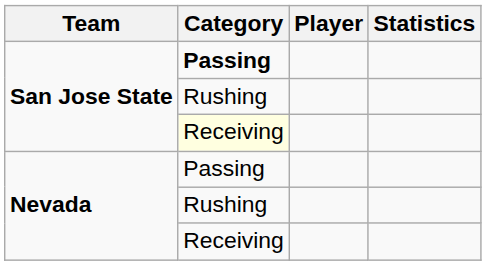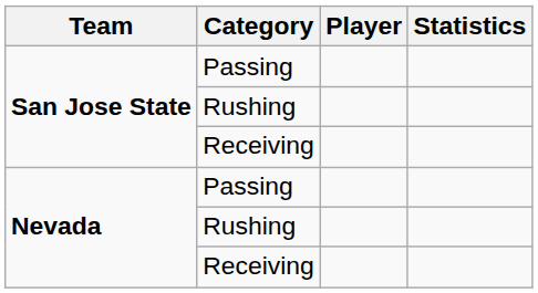 <table class="wikitable" style="float: left;">
 <tr>
 <th>Team</th>
 <th>Category</th>
 <th>Player</th>
 <th>Statistics</th>
 </tr>
 <tr>
 <td rowspan=3><strong>San Jose State</strong></td>
-<td><strong>Passing</strong></td>
+<td>Passing</td>
 <td></td>
 <td></td>
 </tr>
 <tr>
 <td>Rushing</td>
 <td></td>
 <td></td>
 </tr>
 <tr>
-<td style="background: lightyellow;">Receiving</td>
+<td>Receiving</td>
 <td></td>
 <td></td>
 </tr>
 <tr>
 <td rowspan=3><strong>Nevada</strong></td>
 <td>Passing</td>
 <td></td>
 <td></td>
 </tr>
 <tr>
 <td>Rushing</td>
 <td></td>
 <td></td>
 </tr>
 <tr>
 <td>Receiving</td>
 <td></td>
 <td></td>
 </tr>
 </table>
